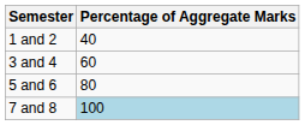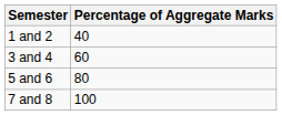 <table class="wikitable">
 <tr>
 <th>Semester</th>
 <th>Percentage of Aggregate Marks</th>
 </tr>
 <tr>
 <td>1 and 2</td>
 <td>40</td>
 </tr>
 <tr>
 <td>3 and 4</td>
 <td>60</td>
 </tr>
 <tr>
 <td>5 and 6</td>
 <td>80</td>
 </tr>
 <tr>
 <td>7 and 8</td>
-<td style="background: lightblue;">100</td>
+<td>100</td>
 </tr>
 </table>
